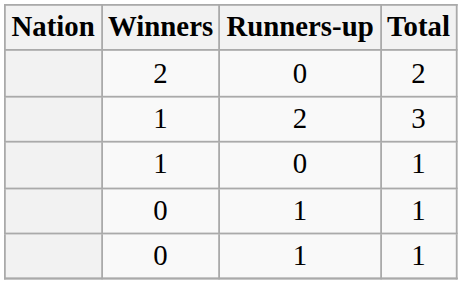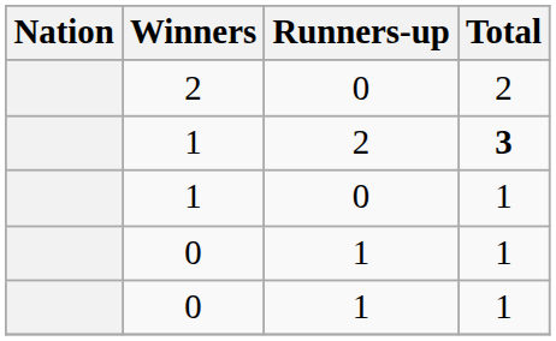 <table class="wikitable plainrowheaders sortable">
 <tr>
 <th scope=col>Nation</th>
 <th scope=col>Winners</th>
 <th scope=col>Runners-up</th>
 <th scope=col>Total</th>
 </tr>
 <tr>
 <th scope=row></th>
 <td align=center>2</td>
 <td align=center>0</td>
 <td align=center>2</td>
 </tr>
 <tr>
 <th scope=row></th>
 <td align=center>1</td>
 <td align=center>2</td>
-<td align=center>3</td>
+<td align=center><strong>3</strong></td>
 </tr>
 <tr>
 <th scope=row></th>
 <td align=center>1</td>
 <td align=center>0</td>
 <td align=center>1</td>
 </tr>
 <tr>
 <th scope=row></th>
 <td align=center>0</td>
 <td align=center>1</td>
 <td align=center>1</td>
 </tr>
 <tr>
 <th scope=row></th>
 <td align=center>0</td>
 <td align=center>1</td>
 <td align=center>1</td>
 </tr>
 <tr>
 </tr>
 </table>
